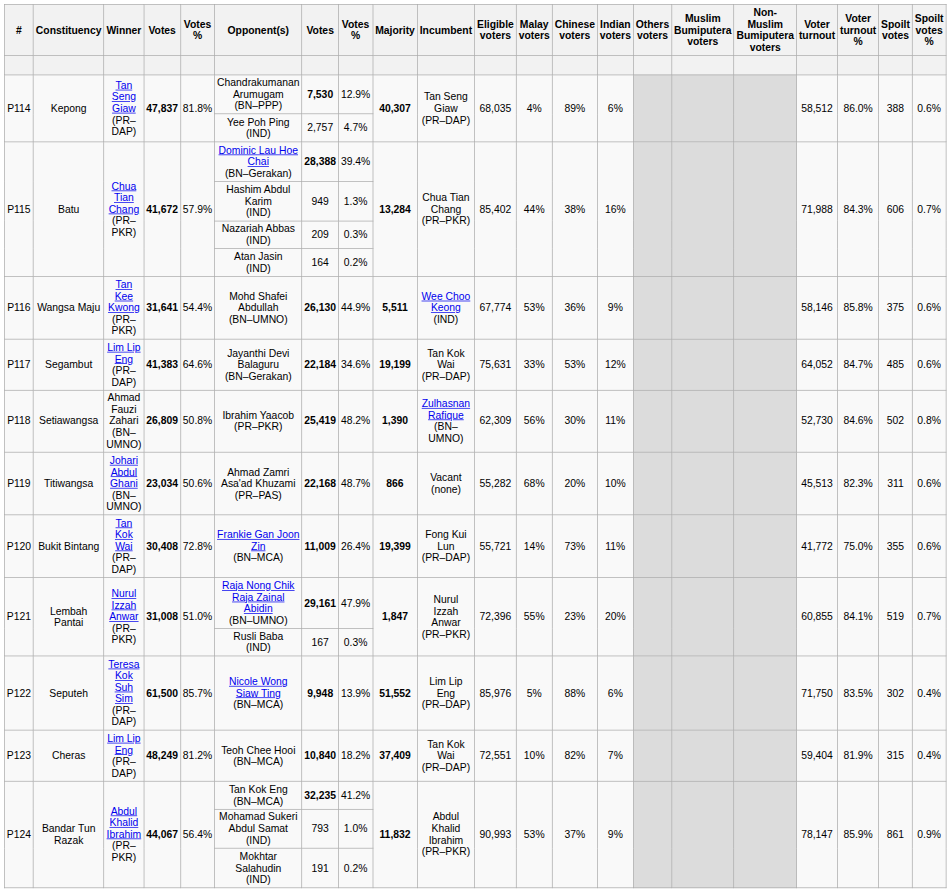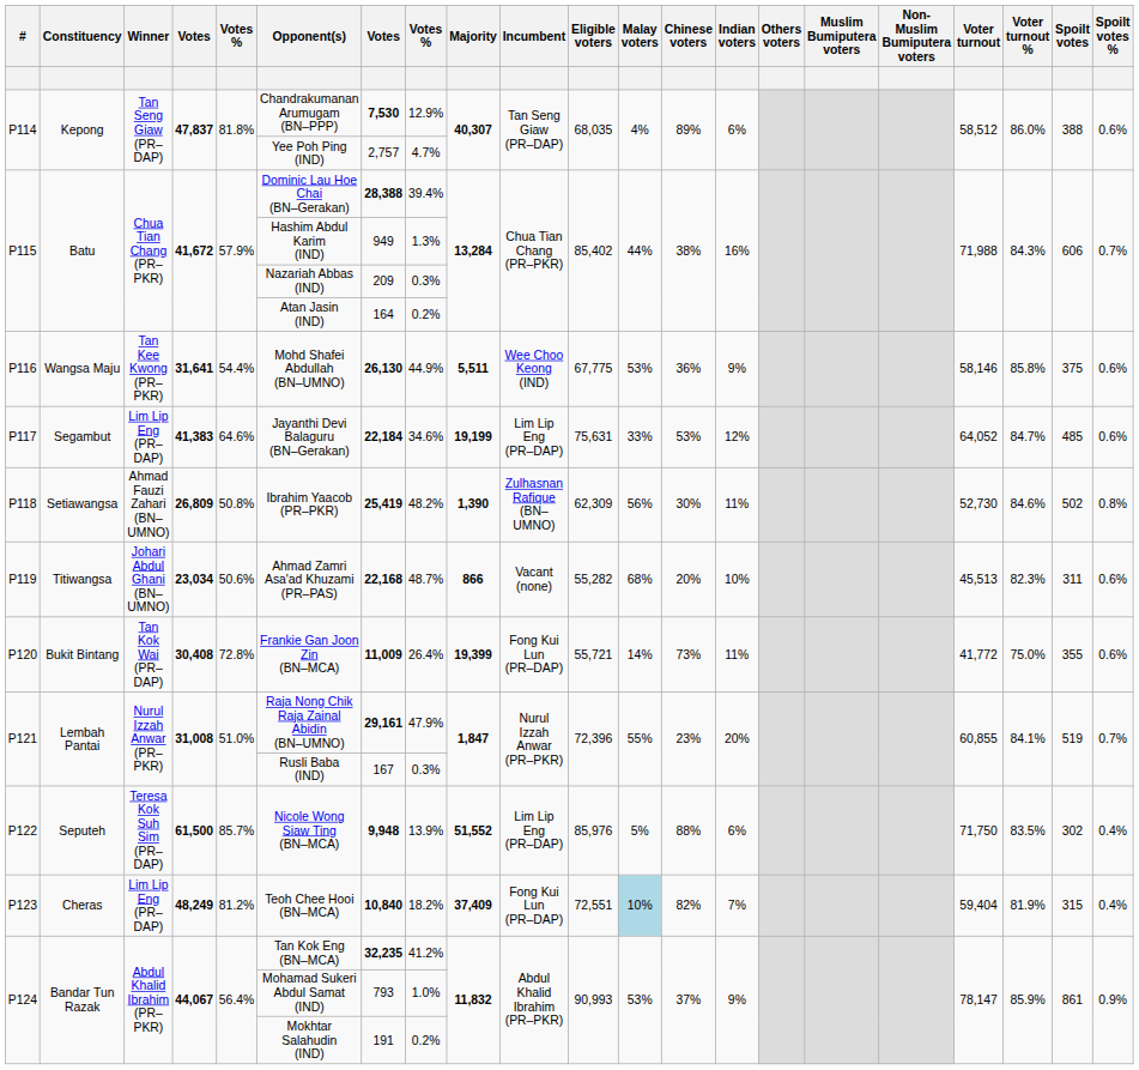 <table class="wikitable sortable" style="text-align:center; font-size:90%">
 <tr>
 <th width="30">#</th>
 <th width="60">Constituency</th>
 <th width="150">Winner</th>
 <th width="50">Votes</th>
 <th width="50">Votes %</th>
 <th width="150">Opponent(s)</th>
 <th width="50">Votes</th>
 <th width="50">Votes %</th>
 <th width="50">Majority</th>
 <th width="150">Incumbent</th>
 <th width="50">Eligible voters</th>
 <th width="50">Malay voters</th>
 <th width="50">Chinese voters</th>
 <th width="50">Indian voters</th>
 <th width="50">Others voters</th>
 <th width="50">Muslim Bumiputera voters</th>
 <th width="50">Non-Muslim Bumiputera voters</th>
 <th width="50">Voter turnout</th>
 <th width="50">Voter turnout %</th>
 <th width="50">Spoilt votes</th>
 <th width="50">Spoilt votes %</th>
 </tr>
 <tr>
 <th height="20"></th>
 <th></th>
 <th></th>
 <th></th>
 <th></th>
 <th></th>
 <th></th>
 <th></th>
 <th></th>
 <th></th>
 <th></th>
 <th></th>
 <th></th>
 <th></th>
 <th></th>
 <th></th>
 <th></th>
 <th></th>
 <th></th>
 <th></th>
 <th></th>
 </tr>
 <tr>
 <td rowspan="2">P114</td>
 <td rowspan="2">Kepong</td>
 <td rowspan="2"><a href='#'>Tan Seng Giaw</a><br>(PR–DAP)</td>
 <td rowspan="2"><strong>47,837</strong></td>
 <td rowspan="2">81.8%</td>
 <td>Chandrakumanan Arumugam<br>(BN–PPP)</td>
 <td><strong>7,530</strong></td>
 <td>12.9%</td>
 <td rowspan="2"><strong>40,307</strong></td>
 <td rowspan="2">Tan Seng Giaw<br>(PR–DAP)</td>
 <td rowspan="2">68,035</td>
 <td rowspan="2">4%</td>
 <td rowspan="2">89%</td>
 <td rowspan="2">6%</td>
 <td rowspan="2" bgcolor="dcdcdc"></td>
 <td rowspan="2" bgcolor="dcdcdc"></td>
 <td rowspan="2" bgcolor="dcdcdc"></td>
 <td rowspan="2">58,512</td>
 <td rowspan="2">86.0%</td>
 <td rowspan="2">388</td>
 <td rowspan="2">0.6%</td>
 </tr>
 <tr>
 <td>Yee Poh Ping<br>(IND)</td>
 <td>2,757</td>
 <td>4.7%</td>
 </tr>
 <tr>
 <td rowspan="4">P115</td>
 <td rowspan="4">Batu</td>
 <td rowspan="4"><a href='#'>Chua Tian Chang</a><br>(PR–PKR)</td>
 <td rowspan="4"><strong>41,672</strong></td>
 <td rowspan="4">57.9%</td>
 <td><a href='#'>Dominic Lau Hoe Chai</a><br>(BN–Gerakan)</td>
 <td><strong>28,388</strong></td>
 <td>39.4%</td>
 <td rowspan="4"><strong>13,284</strong></td>
 <td rowspan="4">Chua Tian Chang<br>(PR–PKR)</td>
 <td rowspan="4">85,402</td>
 <td rowspan="4">44%</td>
 <td rowspan="4">38%</td>
 <td rowspan="4">16%</td>
 <td rowspan="4" bgcolor="dcdcdc"></td>
 <td rowspan="4" bgcolor="dcdcdc"></td>
 <td rowspan="4" bgcolor="dcdcdc"></td>
 <td rowspan="4">71,988</td>
 <td rowspan="4">84.3%</td>
 <td rowspan="4">606</td>
 <td rowspan="4">0.7%</td>
 </tr>
 <tr>
 <td>Hashim Abdul Karim<br>(IND)</td>
 <td>949</td>
 <td>1.3%</td>
 </tr>
 <tr>
 <td>Nazariah Abbas<br>(IND)</td>
 <td>209</td>
 <td>0.3%</td>
 </tr>
 <tr>
 <td>Atan Jasin<br>(IND)</td>
 <td>164</td>
 <td>0.2%</td>
 </tr>
 <tr>
 <td>P116</td>
 <td>Wangsa Maju</td>
 <td><a href='#'>Tan Kee Kwong</a><br>(PR–PKR)</td>
 <td><strong>31,641</strong></td>
 <td>54.4%</td>
 <td>Mohd Shafei Abdullah<br>(BN–UMNO)</td>
 <td><strong>26,130</strong></td>
 <td>44.9%</td>
 <td><strong>5,511</strong></td>
 <td><a href='#'>Wee Choo Keong</a><br>(IND)</td>
-<td>67,774</td>
+<td>67,775</td>
 <td>53%</td>
 <td>36%</td>
 <td>9%</td>
 <td bgcolor="dcdcdc"></td>
 <td bgcolor="dcdcdc"></td>
 <td bgcolor="dcdcdc"></td>
 <td>58,146</td>
 <td>85.8%</td>
 <td>375</td>
 <td>0.6%</td>
 </tr>
 <tr>
 <td>P117</td>
 <td>Segambut</td>
 <td><a href='#'>Lim Lip Eng</a><br>(PR–DAP)</td>
 <td><strong>41,383</strong></td>
 <td>64.6%</td>
 <td>Jayanthi Devi Balaguru<br>(BN–Gerakan)</td>
 <td><strong>22,184</strong></td>
 <td>34.6%</td>
 <td><strong>19,199</strong></td>
-<td>Tan Kok Wai<br>(PR–DAP)</td>
+<td>Lim Lip Eng <br>(PR–DAP)</td>
 <td>75,631</td>
 <td>33%</td>
 <td>53%</td>
 <td>12%</td>
 <td bgcolor="dcdcdc"></td>
 <td bgcolor="dcdcdc"></td>
 <td bgcolor="dcdcdc"></td>
 <td>64,052</td>
 <td>84.7%</td>
 <td>485</td>
 <td>0.6%</td>
 </tr>
 <tr>
 <td>P118</td>
 <td>Setiawangsa</td>
 <td>Ahmad Fauzi Zahari<br>(BN–UMNO)</td>
 <td><strong>26,809</strong></td>
 <td>50.8%</td>
 <td>Ibrahim Yaacob<br>(PR–PKR)</td>
 <td><strong>25,419</strong></td>
 <td>48.2%</td>
 <td><strong>1,390</strong></td>
 <td><a href='#'>Zulhasnan Rafique</a><br>(BN–UMNO)</td>
 <td>62,309</td>
 <td>56%</td>
 <td>30%</td>
 <td>11%</td>
 <td bgcolor="dcdcdc"></td>
 <td bgcolor="dcdcdc"></td>
 <td bgcolor="dcdcdc"></td>
 <td>52,730</td>
 <td>84.6%</td>
 <td>502</td>
 <td>0.8%</td>
 </tr>
 <tr>
 <td>P119</td>
 <td>Titiwangsa</td>
 <td><a href='#'>Johari Abdul Ghani</a><br>(BN–UMNO)</td>
 <td><strong>23,034</strong></td>
 <td>50.6%</td>
 <td>Ahmad Zamri Asa'ad Khuzami<br>(PR–PAS)</td>
 <td><strong>22,168</strong></td>
 <td>48.7%</td>
 <td><strong>866</strong></td>
 <td>Vacant<br>(none)</td>
 <td>55,282</td>
 <td>68%</td>
 <td>20%</td>
 <td>10%</td>
 <td bgcolor="dcdcdc"></td>
 <td bgcolor="dcdcdc"></td>
 <td bgcolor="dcdcdc"></td>
 <td>45,513</td>
 <td>82.3%</td>
 <td>311</td>
 <td>0.6%</td>
 </tr>
 <tr>
 <td>P120</td>
 <td>Bukit Bintang</td>
 <td><a href='#'>Tan Kok Wai</a><br>(PR–DAP)</td>
 <td><strong>30,408</strong></td>
 <td>72.8%</td>
 <td><a href='#'>Frankie Gan Joon Zin</a><br>(BN–MCA)</td>
 <td><strong>11,009</strong></td>
 <td>26.4%</td>
 <td><strong>19,399</strong></td>
 <td>Fong Kui Lun<br>(PR–DAP)</td>
 <td>55,721</td>
 <td>14%</td>
 <td>73%</td>
 <td>11%</td>
 <td bgcolor="dcdcdc"></td>
 <td bgcolor="dcdcdc"></td>
 <td bgcolor="dcdcdc"></td>
 <td>41,772</td>
 <td>75.0%</td>
 <td>355</td>
 <td>0.6%</td>
 </tr>
 <tr>
 <td rowspan="2">P121</td>
 <td rowspan="2">Lembah Pantai</td>
 <td rowspan="2"><a href='#'>Nurul Izzah Anwar</a><br>(PR–PKR)</td>
 <td rowspan="2"><strong>31,008</strong></td>
 <td rowspan="2">51.0%</td>
 <td><a href='#'>Raja Nong Chik Raja Zainal Abidin</a><br>(BN–UMNO)</td>
 <td><strong>29,161</strong></td>
 <td>47.9%</td>
 <td rowspan="2"><strong>1,847</strong></td>
 <td rowspan="2">Nurul Izzah Anwar<br>(PR–PKR)</td>
 <td rowspan="2">72,396</td>
 <td rowspan="2">55%</td>
 <td rowspan="2">23%</td>
 <td rowspan="2">20%</td>
 <td rowspan="2" bgcolor="dcdcdc"></td>
 <td rowspan="2" bgcolor="dcdcdc"></td>
 <td rowspan="2" bgcolor="dcdcdc"></td>
 <td rowspan="2">60,855</td>
 <td rowspan="2">84.1%</td>
 <td rowspan="2">519</td>
 <td rowspan="2">0.7%</td>
 </tr>
 <tr>
 <td>Rusli Baba<br>(IND)</td>
 <td>167</td>
 <td>0.3%</td>
 </tr>
 <tr>
 <td>P122</td>
 <td>Seputeh</td>
 <td><a href='#'>Teresa Kok Suh Sim</a><br>(PR–DAP)</td>
 <td><strong>61,500</strong></td>
 <td>85.7%</td>
 <td><a href='#'>Nicole Wong Siaw Ting</a><br>(BN–MCA)</td>
 <td><strong>9,948</strong></td>
 <td>13.9%</td>
 <td><strong>51,552</strong></td>
 <td>Lim Lip Eng <br>(PR–DAP)</td>
 <td>85,976</td>
 <td>5%</td>
 <td>88%</td>
 <td>6%</td>
 <td bgcolor="dcdcdc"></td>
 <td bgcolor="dcdcdc"></td>
 <td bgcolor="dcdcdc"></td>
 <td>71,750</td>
 <td>83.5%</td>
 <td>302</td>
 <td>0.4%</td>
 </tr>
 <tr>
 <td>P123</td>
 <td>Cheras</td>
 <td><a href='#'>Lim Lip Eng</a><br>(PR–DAP)</td>
 <td><strong>48,249</strong></td>
 <td>81.2%</td>
 <td>Teoh Chee Hooi<br>(BN–MCA)</td>
 <td><strong>10,840</strong></td>
 <td>18.2%</td>
 <td><strong>37,409</strong></td>
-<td>Tan Kok Wai<br>(PR–DAP)</td>
+<td>Fong Kui Lun<br>(PR–DAP)</td>
 <td>72,551</td>
-<td>10%</td>
+<td style="background: lightblue;">10%</td>
 <td>82%</td>
 <td>7%</td>
 <td bgcolor="dcdcdc"></td>
 <td bgcolor="dcdcdc"></td>
 <td bgcolor="dcdcdc"></td>
 <td>59,404</td>
 <td>81.9%</td>
 <td>315</td>
 <td>0.4%</td>
 </tr>
 <tr>
 <td rowspan=3>P124</td>
 <td rowspan=3>Bandar Tun Razak</td>
 <td rowspan=3><a href='#'>Abdul Khalid Ibrahim</a><br>(PR–PKR)</td>
 <td rowspan=3><strong>44,067</strong></td>
 <td rowspan=3>56.4%</td>
 <td>Tan Kok Eng<br>(BN–MCA)</td>
 <td><strong>32,235</strong></td>
 <td>41.2%</td>
 <td rowspan=3><strong>11,832</strong></td>
 <td rowspan=3>Abdul Khalid Ibrahim<br>(PR–PKR)</td>
 <td rowspan=3>90,993</td>
 <td rowspan=3>53%</td>
 <td rowspan=3>37%</td>
 <td rowspan=3>9%</td>
 <td rowspan=3 bgcolor="dcdcdc"></td>
 <td rowspan=3 bgcolor="dcdcdc"></td>
 <td rowspan=3 bgcolor="dcdcdc"></td>
 <td rowspan=3>78,147</td>
 <td rowspan=3>85.9%</td>
 <td rowspan=3>861</td>
 <td rowspan=3>0.9%</td>
 </tr>
 <tr>
 <td>Mohamad Sukeri Abdul Samat<br>(IND)</td>
 <td>793</td>
 <td>1.0%</td>
 </tr>
 <tr>
 <td>Mokhtar Salahudin<br>(IND)</td>
 <td>191</td>
 <td>0.2%</td>
 </tr>
 </table>
